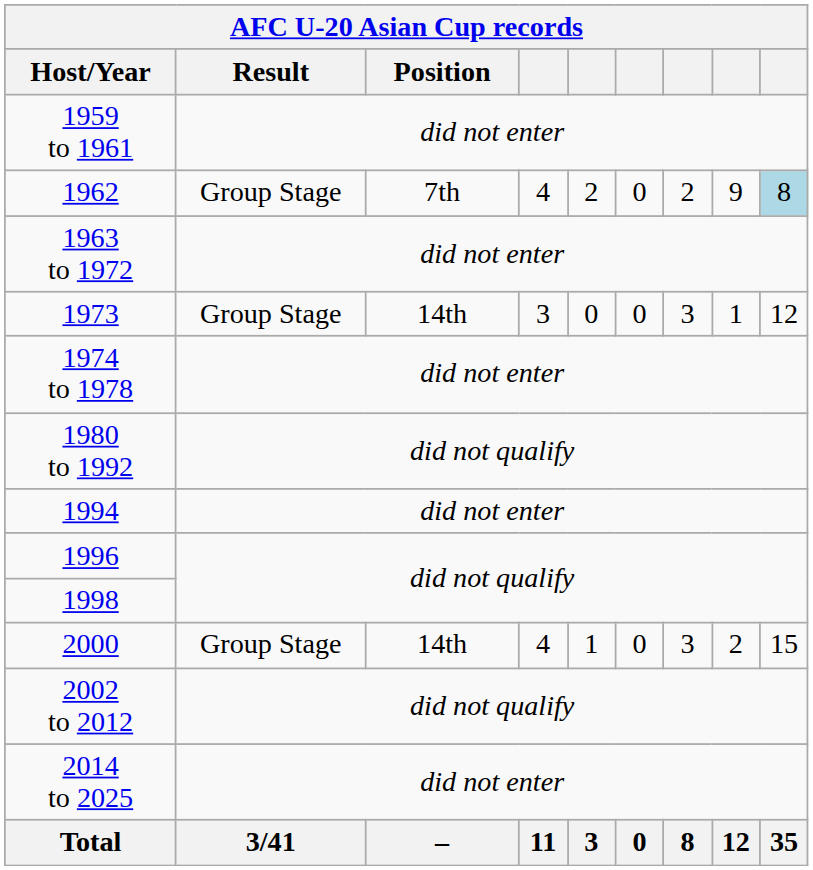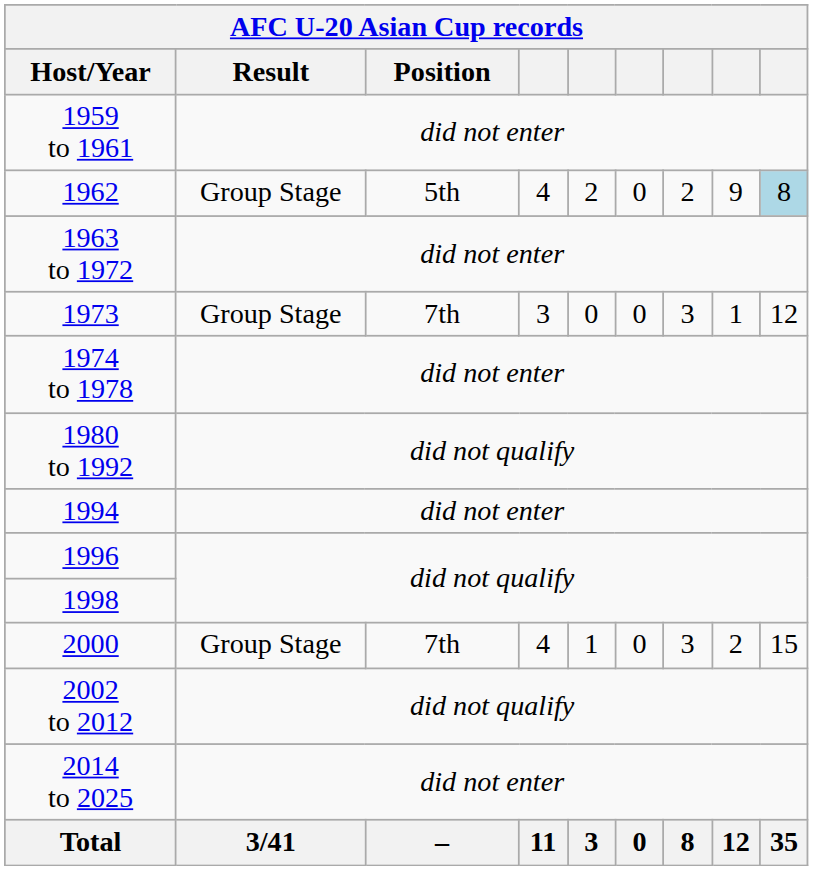 <table class="wikitable collapsible" style="text-align: center;">
 <tr>
 <th colspan="9" style="color: #0000FF;"><a href='#'>AFC U-20 Asian Cup records</a></th>
 </tr>
 <tr>
 <th width="90">Host/Year</th>
 <th width="100">Result</th>
 <th width="80">Position</th>
 <th width="20"></th>
 <th width="20"></th>
 <th width="20"></th>
 <th width="20"></th>
 <th width="20"></th>
 <th width="20"></th>
 </tr>
 <tr>
 <td> <a href='#'>1959</a><br>to  <a href='#'>1961</a></td>
 <td colspan="8"><em>did not enter</em></td>
 </tr>
 <tr>
 <td> <a href='#'>1962</a></td>
 <td>Group Stage</td>
-<td>7th</td>
+<td>5th</td>
 <td>4</td>
 <td>2</td>
 <td>0</td>
 <td>2</td>
 <td>9</td>
 <td style="background: lightblue;">8</td>
 </tr>
 <tr>
 <td> <a href='#'>1963</a><br>to  <a href='#'>1972</a></td>
 <td colspan="8"><em>did not enter</em></td>
 </tr>
 <tr>
 <td> <a href='#'>1973</a></td>
 <td>Group Stage</td>
-<td>14th</td>
+<td>7th</td>
 <td>3</td>
 <td>0</td>
 <td>0</td>
 <td>3</td>
 <td>1</td>
 <td>12</td>
 </tr>
 <tr>
 <td> <a href='#'>1974</a><br>to  <a href='#'>1978</a></td>
 <td colspan="8"><em>did not enter</em></td>
 </tr>
 <tr>
 <td> <a href='#'>1980</a><br>to  <a href='#'>1992</a></td>
 <td colspan="8"><em>did not qualify</em></td>
 </tr>
 <tr>
 <td> <a href='#'>1994</a></td>
 <td colspan="8"><em>did not enter</em></td>
 </tr>
 <tr>
 <td> <a href='#'>1996</a></td>
 <td colspan="8" rowspan="2"><em>did not qualify</em></td>
 </tr>
 <tr>
 <td> <a href='#'>1998</a></td>
 </tr>
 <tr>
 <td> <a href='#'>2000</a></td>
 <td>Group Stage</td>
-<td>14th</td>
+<td>7th</td>
 <td>4</td>
 <td>1</td>
 <td>0</td>
 <td>3</td>
 <td>2</td>
 <td>15</td>
 </tr>
 <tr>
 <td> <a href='#'>2002</a><br>to <a href='#'>2012</a></td>
 <td colspan="8"><em>did not qualify</em></td>
 </tr>
 <tr>
 <td> <a href='#'>2014</a><br>to  <a href='#'>2025</a></td>
 <td colspan="8"><em>did not enter</em></td>
 </tr>
 <tr>
 <th>Total</th>
 <th>3/41</th>
 <th><strong>–</strong></th>
 <th>11</th>
 <th>3</th>
 <th>0</th>
 <th>8</th>
 <th>12</th>
 <th>35</th>
 </tr>
 </table>
